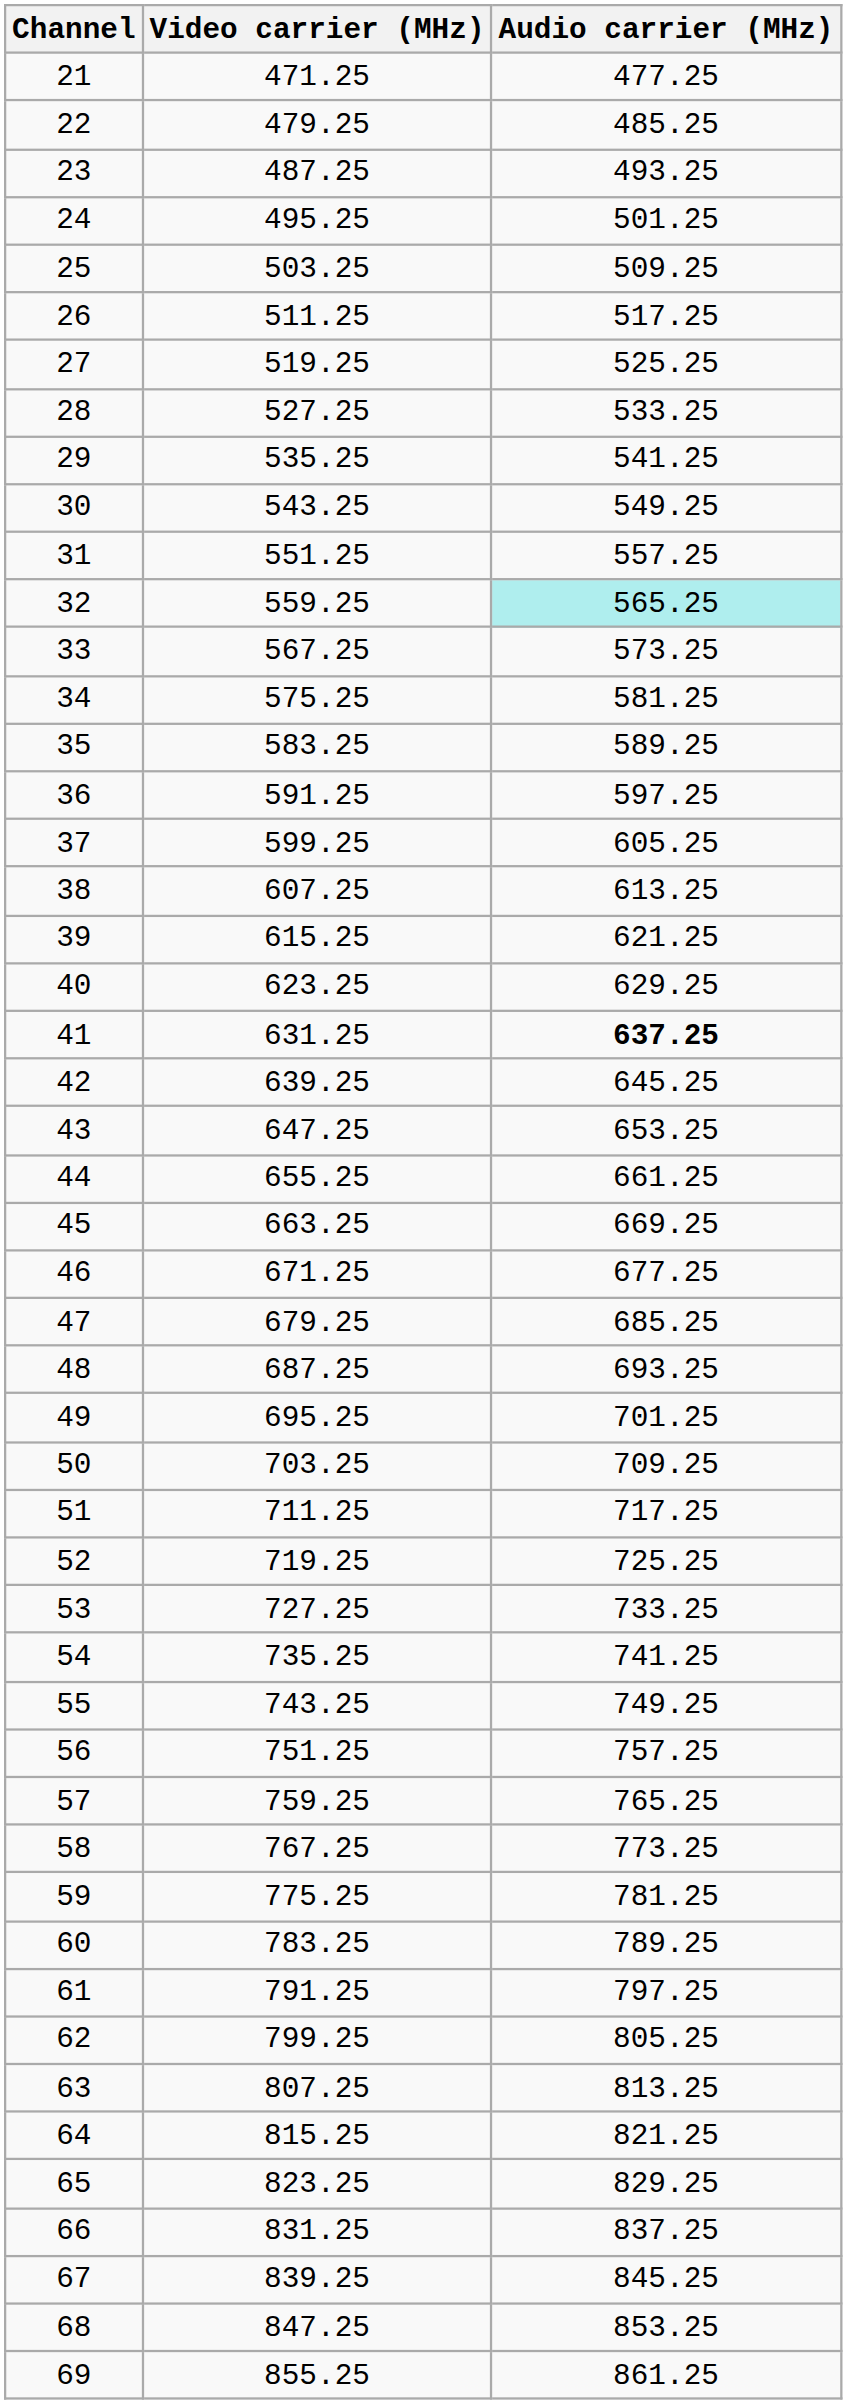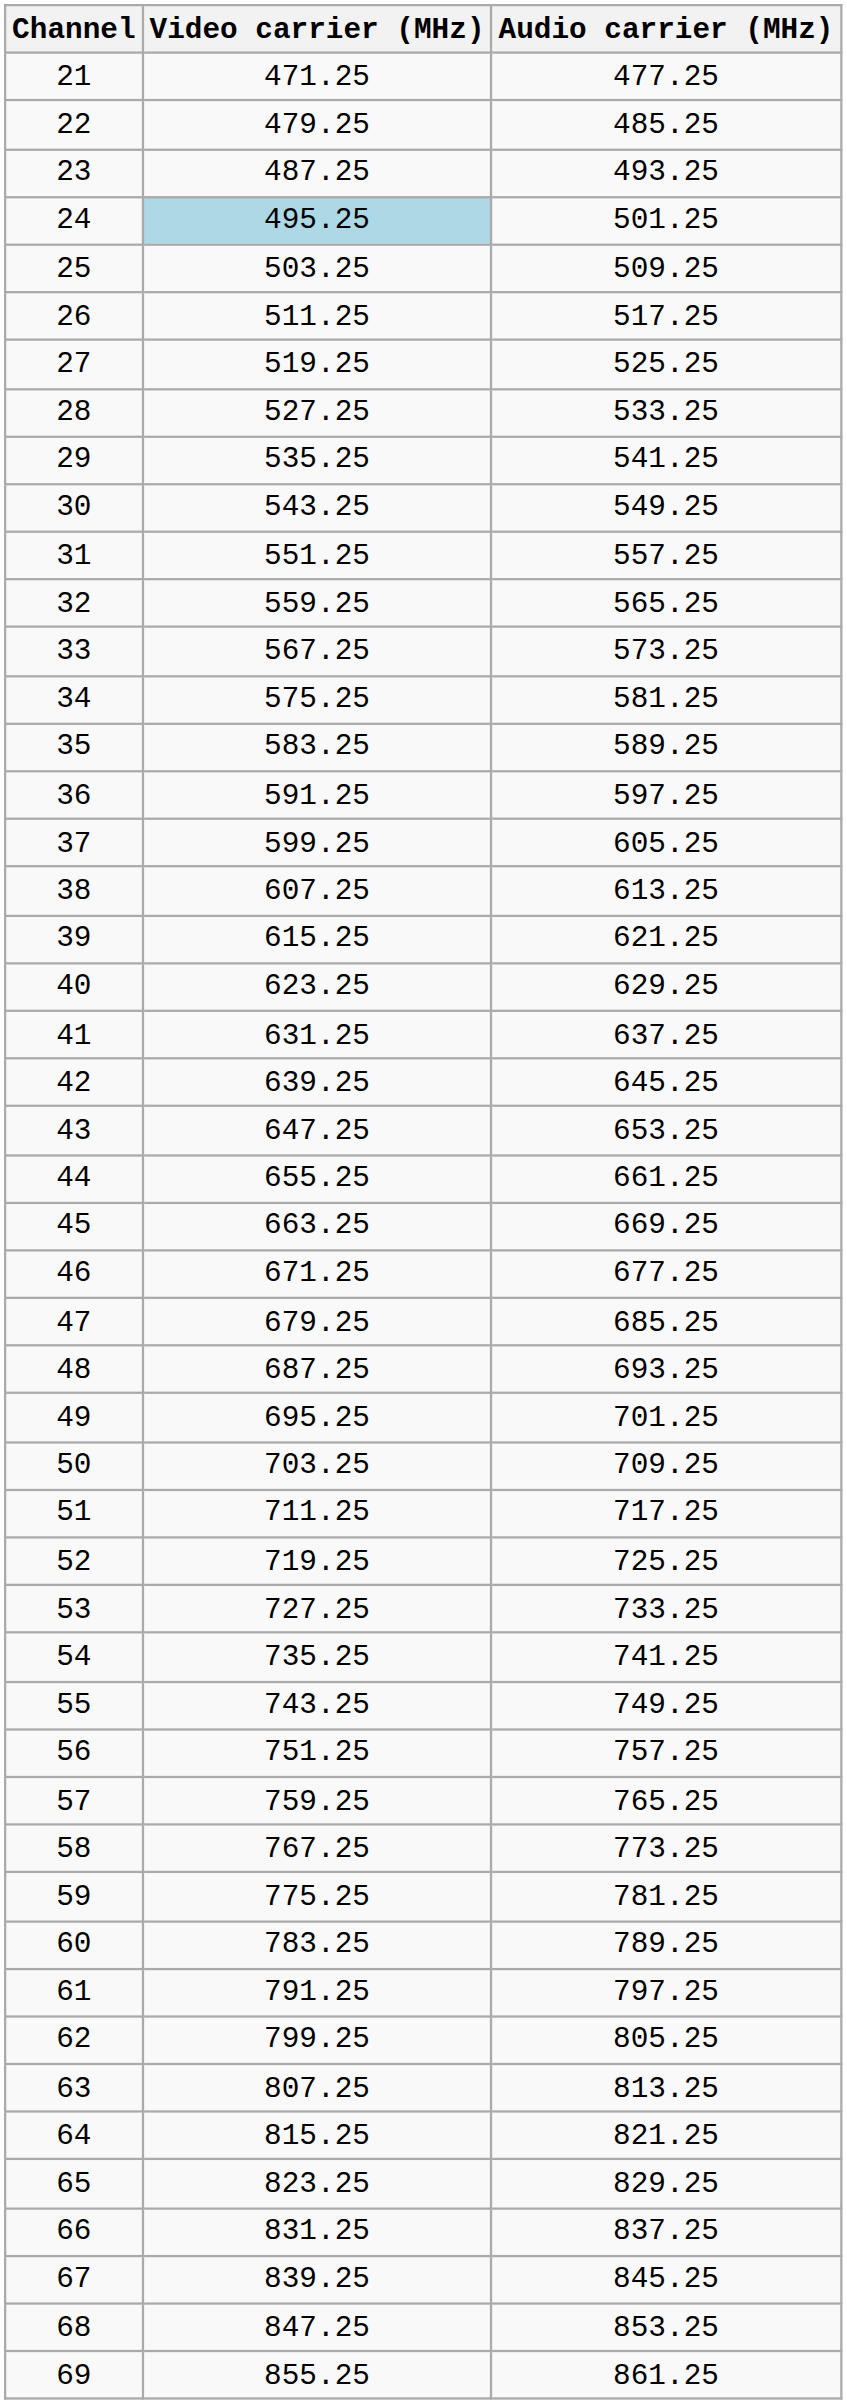 <table class="wikitable" style="text-align: center; border-collapse:collapse">
 <tr>
 <th>Channel</th>
 <th>Video carrier (MHz)</th>
 <th>Audio carrier (MHz)</th>
 </tr>
 <tr>
 <td>21</td>
 <td>471.25</td>
 <td>477.25</td>
 </tr>
 <tr>
 <td>22</td>
 <td>479.25</td>
 <td>485.25</td>
 </tr>
 <tr>
 <td>23</td>
 <td>487.25</td>
 <td>493.25</td>
 </tr>
 <tr>
 <td>24</td>
-<td>495.25</td>
+<td style="background: lightblue;">495.25</td>
 <td>501.25</td>
 </tr>
 <tr>
 <td>25</td>
 <td>503.25</td>
 <td>509.25</td>
 </tr>
 <tr>
 <td>26</td>
 <td>511.25</td>
 <td>517.25</td>
 </tr>
 <tr>
 <td>27</td>
 <td>519.25</td>
 <td>525.25</td>
 </tr>
 <tr>
 <td>28</td>
 <td>527.25</td>
 <td>533.25</td>
 </tr>
 <tr>
 <td>29</td>
 <td>535.25</td>
 <td>541.25</td>
 </tr>
 <tr>
 <td>30</td>
 <td>543.25</td>
 <td>549.25</td>
 </tr>
 <tr>
 <td>31</td>
 <td>551.25</td>
 <td>557.25</td>
 </tr>
 <tr>
 <td>32</td>
 <td>559.25</td>
-<td style="background: paleturquoise;">565.25</td>
+<td>565.25</td>
 </tr>
 <tr>
 <td>33</td>
 <td>567.25</td>
 <td>573.25</td>
 </tr>
 <tr>
 <td>34</td>
 <td>575.25</td>
 <td>581.25</td>
 </tr>
 <tr>
 <td>35</td>
 <td>583.25</td>
 <td>589.25</td>
 </tr>
 <tr>
 <td>36</td>
 <td>591.25</td>
 <td>597.25</td>
 </tr>
 <tr>
 <td>37</td>
 <td>599.25</td>
 <td>605.25</td>
 </tr>
 <tr>
 <td>38</td>
 <td>607.25</td>
 <td>613.25</td>
 </tr>
 <tr>
 <td>39</td>
 <td>615.25</td>
 <td>621.25</td>
 </tr>
 <tr>
 <td>40</td>
 <td>623.25</td>
 <td>629.25</td>
 </tr>
 <tr>
 <td>41</td>
 <td>631.25</td>
-<td><strong>637.25</strong></td>
+<td>637.25</td>
 </tr>
 <tr>
 <td>42</td>
 <td>639.25</td>
 <td>645.25</td>
 </tr>
 <tr>
 <td>43</td>
 <td>647.25</td>
 <td>653.25</td>
 </tr>
 <tr>
 <td>44</td>
 <td>655.25</td>
 <td>661.25</td>
 </tr>
 <tr>
 <td>45</td>
 <td>663.25</td>
 <td>669.25</td>
 </tr>
 <tr>
 <td>46</td>
 <td>671.25</td>
 <td>677.25</td>
 </tr>
 <tr>
 <td>47</td>
 <td>679.25</td>
 <td>685.25</td>
 </tr>
 <tr>
 <td>48</td>
 <td>687.25</td>
 <td>693.25</td>
 </tr>
 <tr>
 <td>49</td>
 <td>695.25</td>
 <td>701.25</td>
 </tr>
 <tr>
 <td>50</td>
 <td>703.25</td>
 <td>709.25</td>
 </tr>
 <tr>
 <td>51</td>
 <td>711.25</td>
 <td>717.25</td>
 </tr>
 <tr>
 <td>52</td>
 <td>719.25</td>
 <td>725.25</td>
 </tr>
 <tr>
 <td>53</td>
 <td>727.25</td>
 <td>733.25</td>
 </tr>
 <tr>
 <td>54</td>
 <td>735.25</td>
 <td>741.25</td>
 </tr>
 <tr>
 <td>55</td>
 <td>743.25</td>
 <td>749.25</td>
 </tr>
 <tr>
 <td>56</td>
 <td>751.25</td>
 <td>757.25</td>
 </tr>
 <tr>
 <td>57</td>
 <td>759.25</td>
 <td>765.25</td>
 </tr>
 <tr>
 <td>58</td>
 <td>767.25</td>
 <td>773.25</td>
 </tr>
 <tr>
 <td>59</td>
 <td>775.25</td>
 <td>781.25</td>
 </tr>
 <tr>
 <td>60</td>
 <td>783.25</td>
 <td>789.25</td>
 </tr>
 <tr>
 <td>61</td>
 <td>791.25</td>
 <td>797.25</td>
 </tr>
 <tr>
 <td>62</td>
 <td>799.25</td>
 <td>805.25</td>
 </tr>
 <tr>
 <td>63</td>
 <td>807.25</td>
 <td>813.25</td>
 </tr>
 <tr>
 <td>64</td>
 <td>815.25</td>
 <td>821.25</td>
 </tr>
 <tr>
 <td>65</td>
 <td>823.25</td>
 <td>829.25</td>
 </tr>
 <tr>
 <td>66</td>
 <td>831.25</td>
 <td>837.25</td>
 </tr>
 <tr>
 <td>67</td>
 <td>839.25</td>
 <td>845.25</td>
 </tr>
 <tr>
 <td>68</td>
 <td>847.25</td>
 <td>853.25</td>
 </tr>
 <tr>
 <td>69</td>
 <td>855.25</td>
 <td>861.25</td>
 </tr>
 </table>
